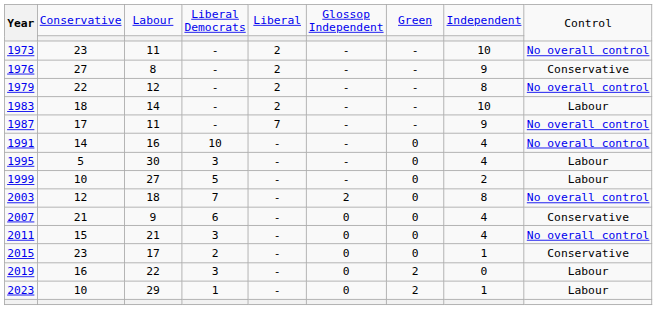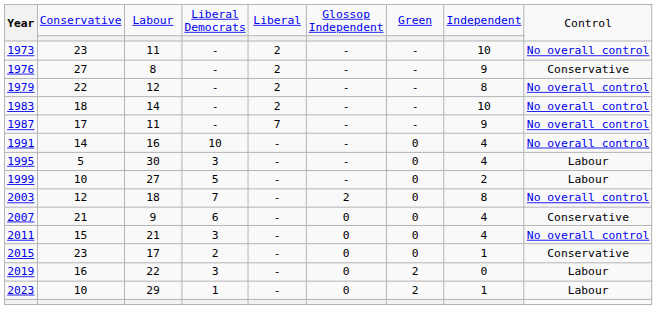 <table class=wikitable style=text-align:center>
 <tr>
 <th rowspan=2>Year</th>
 <td width="60"><a href='#'>Conservative</a></td>
 <td width="60"><a href='#'>Labour</a></td>
 <td width="60"><a href='#'>Liberal Democrats</a></td>
 <td width="60"><a href='#'>Liberal</a></td>
 <td width="60"><a href='#'>Glossop Independent</a></td>
 <td width="60"><a href='#'>Green</a></td>
 <td><a href='#'>Independent</a></td>
 <td rowspan=2>Control</td>
 </tr>
 <tr>
 <th style="background-color: "></th>
 <th style="background-color: "></th>
 <th style="background-color: "></th>
 <th style="background-color: "></th>
 <th style="background-color: "></th>
 <th style="background-color: "></th>
 <th style="background-color: "></th>
 </tr>
 <tr>
 <td><a href='#'>1973</a></td>
 <td>23</td>
 <td>11</td>
 <td>-</td>
 <td>2</td>
 <td>-</td>
 <td>-</td>
 <td>10</td>
 <td bgcolor=><a href='#'>No overall control</a></td>
 </tr>
 <tr>
 <td><a href='#'>1976</a></td>
 <td>27</td>
 <td>8</td>
 <td>-</td>
 <td>2</td>
 <td>-</td>
 <td>-</td>
 <td>9</td>
 <td bgcolor=>Conservative</td>
 </tr>
 <tr>
 <td><a href='#'>1979</a></td>
 <td>22</td>
 <td>12</td>
 <td>-</td>
 <td>2</td>
 <td>-</td>
 <td>-</td>
 <td>8</td>
 <td bgcolor=><a href='#'>No overall control</a></td>
 </tr>
 <tr>
 <td><a href='#'>1983</a></td>
 <td>18</td>
 <td>14</td>
 <td>-</td>
 <td>2</td>
 <td>-</td>
 <td>-</td>
 <td>10</td>
-<td bgcolor=>Labour</td>
+<td bgcolor=><a href='#'>No overall control</a></td>
 </tr>
 <tr>
 <td><a href='#'>1987</a></td>
 <td>17</td>
 <td>11</td>
 <td>-</td>
 <td>7</td>
 <td>-</td>
 <td>-</td>
 <td>9</td>
 <td bgcolor=><a href='#'>No overall control</a></td>
 </tr>
 <tr>
 <td><a href='#'>1991</a></td>
 <td>14</td>
 <td>16</td>
 <td>10</td>
 <td>-</td>
 <td>-</td>
 <td>0</td>
 <td>4</td>
 <td bgcolor=><a href='#'>No overall control</a></td>
 </tr>
 <tr>
 <td><a href='#'>1995</a></td>
 <td>5</td>
 <td>30</td>
 <td>3</td>
 <td>-</td>
 <td>-</td>
 <td>0</td>
 <td>4</td>
 <td bgcolor=>Labour</td>
 </tr>
 <tr>
 <td><a href='#'>1999</a></td>
 <td>10</td>
 <td>27</td>
 <td>5</td>
 <td>-</td>
 <td>-</td>
 <td>0</td>
 <td>2</td>
 <td bgcolor=>Labour</td>
 </tr>
 <tr>
 <td><a href='#'>2003</a></td>
 <td>12</td>
 <td>18</td>
 <td>7</td>
 <td>-</td>
 <td>2</td>
 <td>0</td>
 <td>8</td>
 <td bgcolor=><a href='#'>No overall control</a></td>
 </tr>
 <tr>
 <td><a href='#'>2007</a></td>
 <td>21</td>
 <td>9</td>
 <td>6</td>
 <td>-</td>
 <td>0</td>
 <td>0</td>
 <td>4</td>
 <td bgcolor=>Conservative</td>
 </tr>
 <tr>
 <td><a href='#'>2011</a></td>
 <td>15</td>
 <td>21</td>
 <td>3</td>
 <td>-</td>
 <td>0</td>
 <td>0</td>
 <td>4</td>
 <td bgcolor=><a href='#'>No overall control</a></td>
 </tr>
 <tr>
 <td><a href='#'>2015</a></td>
 <td>23</td>
 <td>17</td>
 <td>2</td>
 <td>-</td>
 <td>0</td>
 <td>0</td>
 <td>1</td>
 <td bgcolor=>Conservative</td>
 </tr>
 <tr>
 <td><a href='#'>2019</a></td>
 <td>16</td>
 <td>22</td>
 <td>3</td>
 <td>-</td>
 <td>0</td>
 <td>2</td>
 <td>0</td>
 <td bgcolor=>Labour</td>
 </tr>
 <tr>
 <td><a href='#'>2023</a></td>
 <td>10</td>
 <td>29</td>
 <td>1</td>
 <td>-</td>
 <td>0</td>
 <td>2</td>
 <td>1</td>
 <td bgcolor=>Labour</td>
 </tr>
 <tr>
 <th></th>
 <th style="background-color: "></th>
 <th style="background-color: "></th>
 <th style="background-color: "></th>
 <th style="background-color: "></th>
 <th style="background-color: "></th>
 <th style="background-color: "></th>
 <th style="background-color: "></th>
 <td></td>
 </tr>
 </table>
